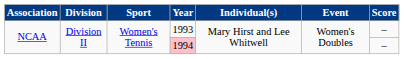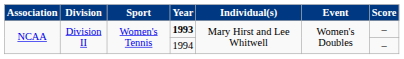 <table class="wikitable" style="text-align:center">
 <tr>
 <th style="background:#003882; color:#ffffff;">Association</th>
 <th style="background:#003882; color:#ffffff;">Division</th>
 <th style="background:#003882; color:#ffffff;">Sport</th>
 <th style="background:#003882; color:#ffffff;">Year</th>
 <th style="background:#003882; color:#ffffff;">Individual(s)</th>
 <th style="background:#003882; color:#ffffff;">Event</th>
 <th style="background:#003882; color:#ffffff;">Score</th>
 </tr>
 <tr align="center">
 <td rowspan="2"><a href='#'>NCAA</a></td>
 <td rowspan="2"><a href='#'>Division II</a></td>
 <td rowspan="2"><a href='#'>Women's Tennis</a></td>
-<td>1993</td>
+<td><strong>1993</strong></td>
 <td rowspan="2">Mary Hirst and Lee Whitwell</td>
 <td rowspan="2">Women's Doubles</td>
 <td>–</td>
 </tr>
 <tr align="center">
-<td style="background: pink;">1994</td>
+<td>1994</td>
 <td>–</td>
 </tr>
 </table>
